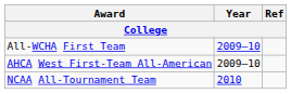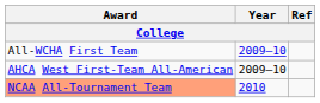 <table class="wikitable">
 <tr>
 <th>Award</th>
 <th>Year</th>
 <th>Ref</th>
 </tr>
 <tr>
 <th colspan="3"><a href='#'>College</a></th>
 </tr>
 <tr>
 <td>All-<a href='#'>WCHA</a> <a href='#'>First Team</a></td>
 <td><a href='#'>2009–10</a></td>
 <td></td>
 </tr>
 <tr>
 <td><a href='#'>AHCA</a> <a href='#'>West First-Team All-American</a></td>
 <td>2009–10</td>
 <td></td>
 </tr>
 <tr>
-<td><a href='#'>NCAA</a> <a href='#'>All-Tournament Team</a></td>
+<td style="background: lightsalmon;"><a href='#'>NCAA</a> <a href='#'>All-Tournament Team</a></td>
 <td><a href='#'>2010</a></td>
 <td></td>
 </tr>
 </table>
